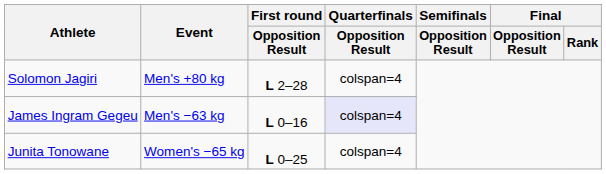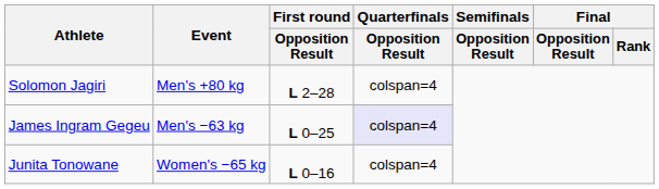 <table class="wikitable" style="font-size:90%;">
 <tr>
 <th rowspan=2>Athlete</th>
 <th rowspan=2>Event</th>
 <th>First round</th>
 <th>Quarterfinals</th>
 <th>Semifinals</th>
 <th colspan=2>Final</th>
 </tr>
 <tr style="font-size:95%">
 <th>Opposition<br>Result</th>
 <th>Opposition<br>Result</th>
 <th>Opposition<br>Result</th>
 <th>Opposition<br>Result</th>
 <th>Rank</th>
 </tr>
 <tr align=center>
 <td align=left><a href='#'>Solomon Jagiri</a></td>
 <td align=left><a href='#'>Men's +80 kg</a></td>
 <td><br><strong>L</strong> 2–28</td>
 <td>colspan=4</td>
 </tr>
 <tr align=center>
 <td align=left><a href='#'>James Ingram Gegeu</a></td>
 <td align=left><a href='#'>Men's −63 kg</a></td>
-<td><br><strong>L</strong> 0–16</td>
+<td><br><strong>L</strong> 0–25</td>
 <td style="background: lavender;">colspan=4</td>
 </tr>
 <tr align=center>
 <td align=left><a href='#'>Junita Tonowane</a></td>
 <td align=left><a href='#'>Women's −65 kg</a></td>
-<td><br><strong>L</strong> 0–25</td>
+<td><br><strong>L</strong> 0–16</td>
 <td>colspan=4</td>
 </tr>
 </table>
